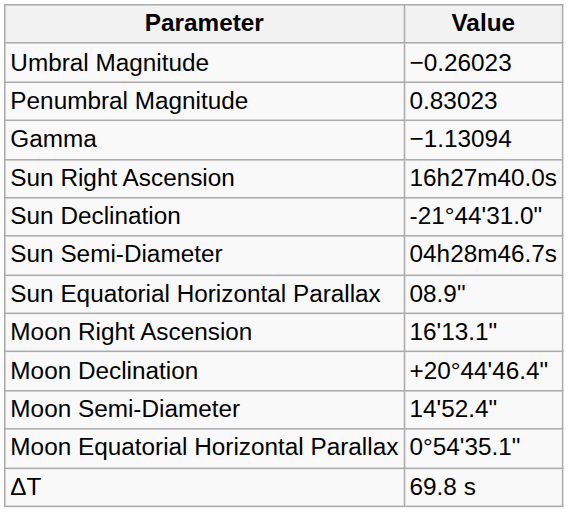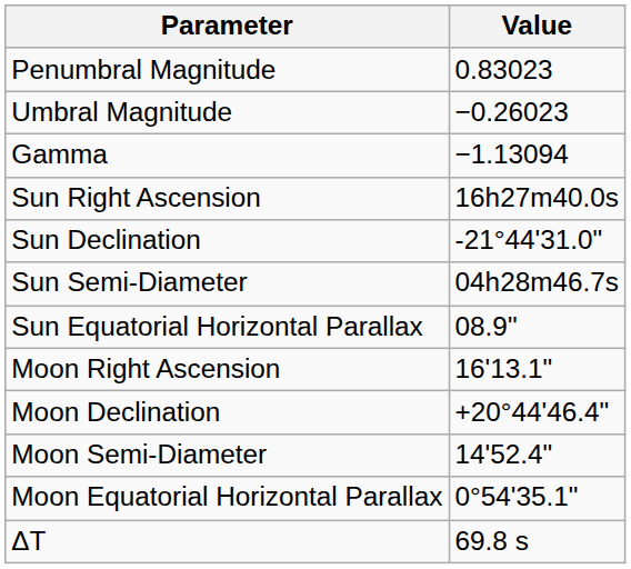 <table class="wikitable">
 <tr>
 <th>Parameter</th>
 <th>Value</th>
 </tr>
 <tr>
+<td>Penumbral Magnitude</td>
+<td>0.83023</td>
+</tr>
+<tr>
 <td>Umbral Magnitude</td>
 <td>−0.26023</td>
-</tr>
-<tr>
-<td>Penumbral Magnitude</td>
-<td>0.83023</td>
 </tr>
 <tr>
 <td>Gamma</td>
 <td>−1.13094</td>
 </tr>
 <tr>
 <td>Sun Right Ascension</td>
 <td>16h27m40.0s</td>
 </tr>
 <tr>
 <td>Sun Declination</td>
 <td>-21°44'31.0"</td>
 </tr>
 <tr>
 <td>Sun Semi-Diameter</td>
 <td>04h28m46.7s</td>
 </tr>
 <tr>
 <td>Sun Equatorial Horizontal Parallax</td>
 <td>08.9"</td>
 </tr>
 <tr>
 <td>Moon Right Ascension</td>
 <td>16'13.1"</td>
 </tr>
 <tr>
 <td>Moon Declination</td>
 <td>+20°44'46.4"</td>
 </tr>
 <tr>
 <td>Moon Semi-Diameter</td>
 <td>14'52.4"</td>
 </tr>
 <tr>
 <td>Moon Equatorial Horizontal Parallax</td>
 <td>0°54'35.1"</td>
 </tr>
 <tr>
 <td>ΔT</td>
 <td>69.8 s</td>
 </tr>
 </table>
